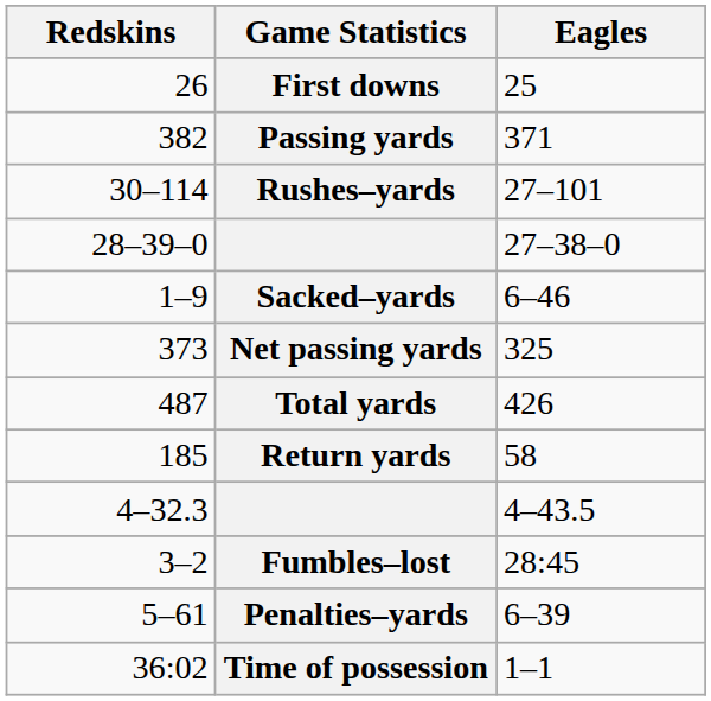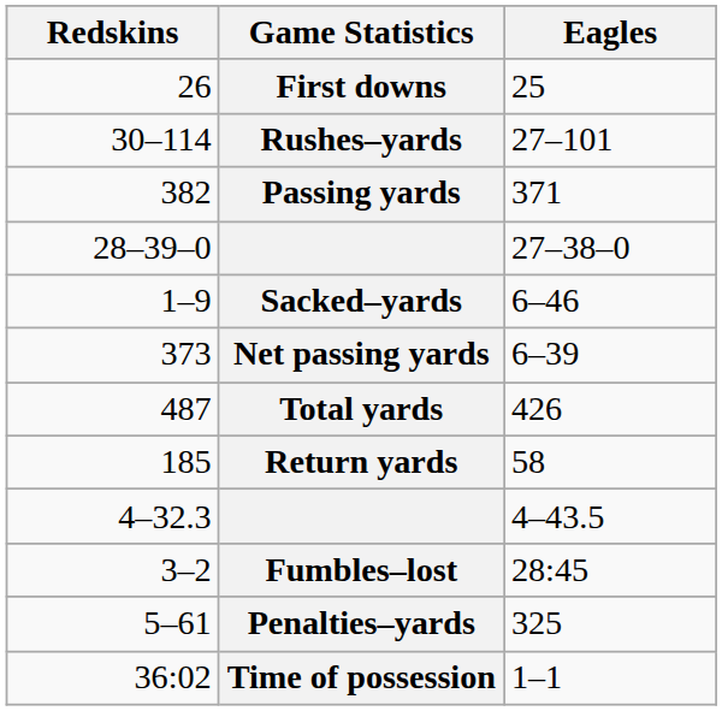 <table class="wikitable" style="margin: 1em auto 1em auto">
 <tr>
 <th style="width:30%;">Redskins</th>
 <th style="width:40%;">Game Statistics</th>
 <th style="width:30%;">Eagles</th>
 </tr>
 <tr>
 <td style="text-align:right;">26</td>
 <th>First downs</th>
 <td>25</td>
 </tr>
 <tr>
+<td style="text-align:right;">30–114</td>
+<th>Rushes–yards</th>
+<td>27–101</td>
+</tr>
+<tr>
 <td style="text-align:right;">382</td>
 <th>Passing yards</th>
 <td>371</td>
-</tr>
-<tr>
-<td style="text-align:right;">30–114</td>
-<th>Rushes–yards</th>
-<td>27–101</td>
 </tr>
 <tr>
 <td style="text-align:right;">28–39–0</td>
 <th></th>
 <td>27–38–0</td>
 </tr>
 <tr>
 <td style="text-align:right;">1–9</td>
 <th>Sacked–yards</th>
 <td>6–46</td>
 </tr>
 <tr>
 <td style="text-align:right;">373</td>
 <th>Net passing yards</th>
-<td>325</td>
+<td>6–39</td>
 </tr>
 <tr>
 <td style="text-align:right;">487</td>
 <th>Total yards</th>
 <td>426</td>
 </tr>
 <tr>
 <td style="text-align:right;">185</td>
 <th>Return yards</th>
 <td>58</td>
 </tr>
 <tr>
 <td style="text-align:right;">4–32.3</td>
 <th></th>
 <td>4–43.5</td>
 </tr>
 <tr>
 <td style="text-align:right;">3–2</td>
 <th>Fumbles–lost</th>
 <td>28:45</td>
 </tr>
 <tr>
 <td style="text-align:right;">5–61</td>
 <th>Penalties–yards</th>
-<td>6–39</td>
+<td>325</td>
 </tr>
 <tr>
 <td style="text-align:right;">36:02</td>
 <th>Time of possession</th>
 <td>1–1</td>
 </tr>
 </table>
